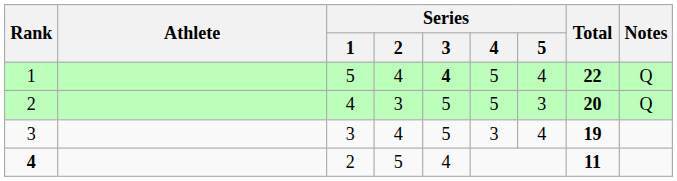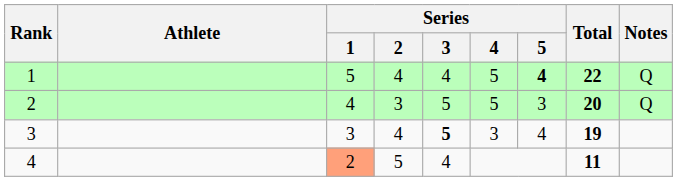 <table class="wikitable" style="text-align:center">
 <tr>
 <th rowspan=2 width=40>Rank</th>
 <th rowspan=2 width=230>Athlete</th>
 <th colspan=5>Series</th>
 <th rowspan=2 width=40>Total</th>
 <th rowspan=2 width=40>Notes</th>
 </tr>
 <tr>
 <th width=35>1</th>
 <th width=35>2</th>
 <th width=35>3</th>
 <th width=35>4</th>
 <th width=35>5</th>
 </tr>
 <tr bgcolor=bbffbb>
 <td>1</td>
 <td align=left></td>
 <td>5</td>
 <td>4</td>
+<td>4</td>
+<td>5</td>
 <td><strong>4</strong></td>
-<td>5</td>
-<td>4</td>
 <td><strong>22</strong></td>
 <td>Q</td>
 </tr>
 <tr bgcolor=bbffbb>
 <td>2</td>
 <td align=left></td>
 <td>4</td>
 <td>3</td>
 <td>5</td>
 <td>5</td>
 <td>3</td>
 <td><strong>20</strong></td>
 <td>Q</td>
 </tr>
 <tr>
 <td>3</td>
 <td align=left></td>
 <td>3</td>
 <td>4</td>
-<td>5</td>
+<td><strong>5</strong></td>
 <td>3</td>
 <td>4</td>
 <td><strong>19</strong></td>
 <td></td>
 </tr>
 <tr>
-<td><strong>4</strong></td>
+<td>4</td>
 <td align=left></td>
-<td>2</td>
+<td style="background: lightsalmon;">2</td>
 <td>5</td>
 <td>4</td>
 <td colspan=2></td>
 <td><strong>11</strong></td>
 <td></td>
 </tr>
 </table>
